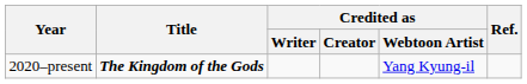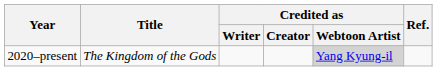 <table class="wikitable">
 <tr>
 <th rowspan="2">Year</th>
 <th rowspan="2">Title</th>
 <th colspan="3">Credited as</th>
 <th rowspan="2">Ref.</th>
 </tr>
 <tr>
 <th>Writer</th>
 <th>Creator</th>
 <th>Webtoon Artist</th>
 </tr>
 <tr>
 <td>2020–present</td>
-<td><strong><em>The Kingdom of the Gods</em></strong></td>
+<td><em>The Kingdom of the Gods</em></td>
 <td></td>
 <td></td>
-<td><a href='#'>Yang Kyung-il</a></td>
+<td style="background: lightgrey;"><a href='#'>Yang Kyung-il</a></td>
 <td></td>
 </tr>
 </table>
